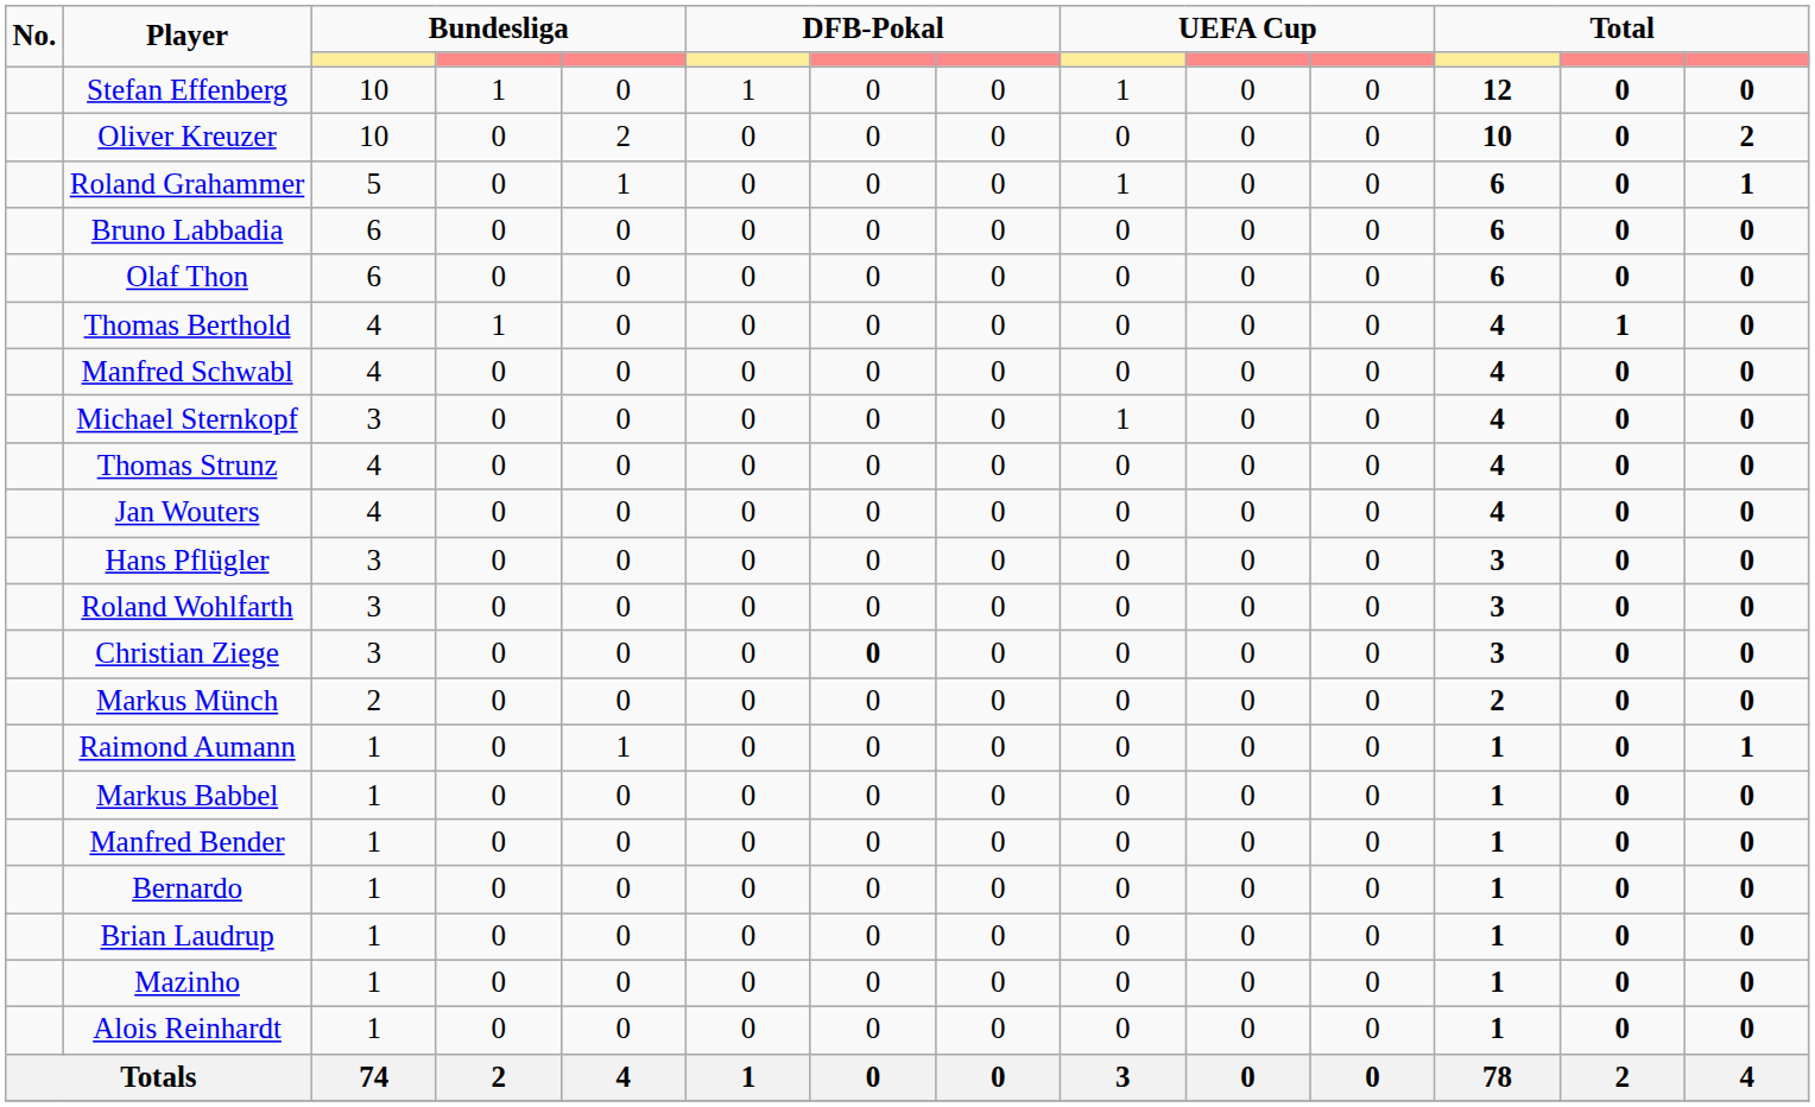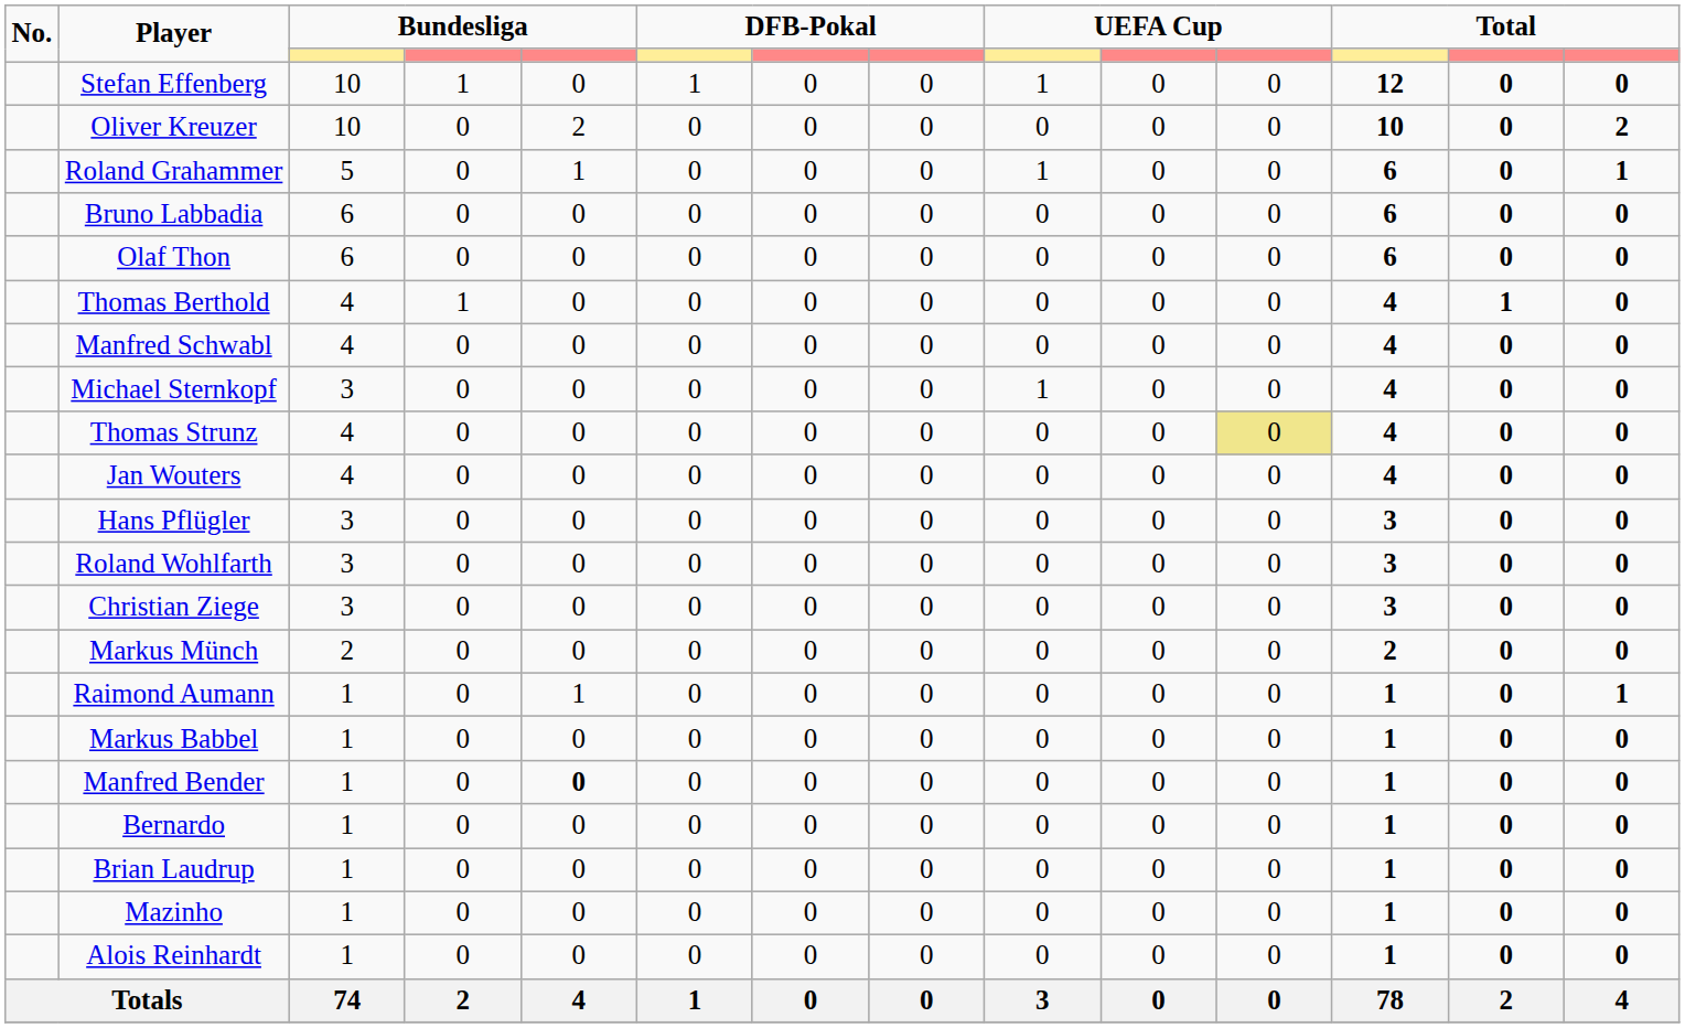 <table class="wikitable" style="text-align:center;">
 <tr style="text-align:center;">
 <td rowspan="2"><strong>No.</strong></td>
 <td rowspan="2"><strong>Player</strong></td>
 <td colspan="3"><strong>Bundesliga</strong></td>
 <td colspan="3"><strong>DFB-Pokal</strong></td>
 <td colspan="3"><strong>UEFA Cup</strong></td>
 <td colspan="3"><strong>Total</strong></td>
 </tr>
 <tr>
 <th style="width:60px; background:#fe9;"></th>
 <th style="width:60px; background:#ff8888;"></th>
 <th style="width:60px; background:#ff8888;"></th>
 <th style="width:60px; background:#fe9;"></th>
 <th style="width:60px; background:#ff8888;"></th>
 <th style="width:60px; background:#ff8888;"></th>
 <th style="width:60px; background:#fe9;"></th>
 <th style="width:60px; background:#ff8888;"></th>
 <th style="width:60px; background:#ff8888;"></th>
 <th style="width:60px; background:#fe9;"></th>
 <th style="width:60px; background:#ff8888;"></th>
 <th style="width:60px; background:#ff8888;"></th>
 </tr>
 <tr>
 <td></td>
 <td><a href='#'>Stefan Effenberg</a></td>
 <td>10</td>
 <td>1</td>
 <td>0</td>
 <td>1</td>
 <td>0</td>
 <td>0</td>
 <td>1</td>
 <td>0</td>
 <td>0</td>
 <td><strong>12</strong></td>
 <td><strong>0</strong></td>
 <td><strong>0</strong></td>
 </tr>
 <tr>
 <td></td>
 <td><a href='#'>Oliver Kreuzer</a></td>
 <td>10</td>
 <td>0</td>
 <td>2</td>
 <td>0</td>
 <td>0</td>
 <td>0</td>
 <td>0</td>
 <td>0</td>
 <td>0</td>
 <td><strong>10</strong></td>
 <td><strong>0</strong></td>
 <td><strong>2</strong></td>
 </tr>
 <tr>
 <td></td>
 <td><a href='#'>Roland Grahammer</a></td>
 <td>5</td>
 <td>0</td>
 <td>1</td>
 <td>0</td>
 <td>0</td>
 <td>0</td>
 <td>1</td>
 <td>0</td>
 <td>0</td>
 <td><strong>6</strong></td>
 <td><strong>0</strong></td>
 <td><strong>1</strong></td>
 </tr>
 <tr>
 <td></td>
 <td><a href='#'>Bruno Labbadia</a></td>
 <td>6</td>
 <td>0</td>
 <td>0</td>
 <td>0</td>
 <td>0</td>
 <td>0</td>
 <td>0</td>
 <td>0</td>
 <td>0</td>
 <td><strong>6</strong></td>
 <td><strong>0</strong></td>
 <td><strong>0</strong></td>
 </tr>
 <tr>
 <td></td>
 <td><a href='#'>Olaf Thon</a></td>
 <td>6</td>
 <td>0</td>
 <td>0</td>
 <td>0</td>
 <td>0</td>
 <td>0</td>
 <td>0</td>
 <td>0</td>
 <td>0</td>
 <td><strong>6</strong></td>
 <td><strong>0</strong></td>
 <td><strong>0</strong></td>
 </tr>
 <tr>
 <td></td>
 <td><a href='#'>Thomas Berthold</a></td>
 <td>4</td>
 <td>1</td>
 <td>0</td>
 <td>0</td>
 <td>0</td>
 <td>0</td>
 <td>0</td>
 <td>0</td>
 <td>0</td>
 <td><strong>4</strong></td>
 <td><strong>1</strong></td>
 <td><strong>0</strong></td>
 </tr>
 <tr>
 <td></td>
 <td><a href='#'>Manfred Schwabl</a></td>
 <td>4</td>
 <td>0</td>
 <td>0</td>
 <td>0</td>
 <td>0</td>
 <td>0</td>
 <td>0</td>
 <td>0</td>
 <td>0</td>
 <td><strong>4</strong></td>
 <td><strong>0</strong></td>
 <td><strong>0</strong></td>
 </tr>
 <tr>
 <td></td>
 <td><a href='#'>Michael Sternkopf</a></td>
 <td>3</td>
 <td>0</td>
 <td>0</td>
 <td>0</td>
 <td>0</td>
 <td>0</td>
 <td>1</td>
 <td>0</td>
 <td>0</td>
 <td><strong>4</strong></td>
 <td><strong>0</strong></td>
 <td><strong>0</strong></td>
 </tr>
 <tr>
 <td></td>
 <td><a href='#'>Thomas Strunz</a></td>
 <td>4</td>
 <td>0</td>
 <td>0</td>
 <td>0</td>
 <td>0</td>
 <td>0</td>
 <td>0</td>
 <td>0</td>
-<td>0</td>
+<td style="background: khaki;">0</td>
 <td><strong>4</strong></td>
 <td><strong>0</strong></td>
 <td><strong>0</strong></td>
 </tr>
 <tr>
 <td></td>
 <td><a href='#'>Jan Wouters</a></td>
 <td>4</td>
 <td>0</td>
 <td>0</td>
 <td>0</td>
 <td>0</td>
 <td>0</td>
 <td>0</td>
 <td>0</td>
 <td>0</td>
 <td><strong>4</strong></td>
 <td><strong>0</strong></td>
 <td><strong>0</strong></td>
 </tr>
 <tr>
 <td></td>
 <td><a href='#'>Hans Pflügler</a></td>
 <td>3</td>
 <td>0</td>
 <td>0</td>
 <td>0</td>
 <td>0</td>
 <td>0</td>
 <td>0</td>
 <td>0</td>
 <td>0</td>
 <td><strong>3</strong></td>
 <td><strong>0</strong></td>
 <td><strong>0</strong></td>
 </tr>
 <tr>
 <td></td>
 <td><a href='#'>Roland Wohlfarth</a></td>
 <td>3</td>
 <td>0</td>
 <td>0</td>
 <td>0</td>
 <td>0</td>
 <td>0</td>
 <td>0</td>
 <td>0</td>
 <td>0</td>
 <td><strong>3</strong></td>
 <td><strong>0</strong></td>
 <td><strong>0</strong></td>
 </tr>
 <tr>
 <td></td>
 <td><a href='#'>Christian Ziege</a></td>
 <td>3</td>
 <td>0</td>
 <td>0</td>
 <td>0</td>
-<td><strong>0</strong></td>
+<td>0</td>
 <td>0</td>
 <td>0</td>
 <td>0</td>
 <td>0</td>
 <td><strong>3</strong></td>
 <td><strong>0</strong></td>
 <td><strong>0</strong></td>
 </tr>
 <tr>
 <td></td>
 <td><a href='#'>Markus Münch</a></td>
 <td>2</td>
 <td>0</td>
 <td>0</td>
 <td>0</td>
 <td>0</td>
 <td>0</td>
 <td>0</td>
 <td>0</td>
 <td>0</td>
 <td><strong>2</strong></td>
 <td><strong>0</strong></td>
 <td><strong>0</strong></td>
 </tr>
 <tr>
 <td></td>
 <td><a href='#'>Raimond Aumann</a></td>
 <td>1</td>
 <td>0</td>
 <td>1</td>
 <td>0</td>
 <td>0</td>
 <td>0</td>
 <td>0</td>
 <td>0</td>
 <td>0</td>
 <td><strong>1</strong></td>
 <td><strong>0</strong></td>
 <td><strong>1</strong></td>
 </tr>
 <tr>
 <td></td>
 <td><a href='#'>Markus Babbel</a></td>
 <td>1</td>
 <td>0</td>
 <td>0</td>
 <td>0</td>
 <td>0</td>
 <td>0</td>
 <td>0</td>
 <td>0</td>
 <td>0</td>
 <td><strong>1</strong></td>
 <td><strong>0</strong></td>
 <td><strong>0</strong></td>
 </tr>
 <tr>
 <td></td>
 <td><a href='#'>Manfred Bender</a></td>
 <td>1</td>
 <td>0</td>
-<td>0</td>
+<td><strong>0</strong></td>
 <td>0</td>
 <td>0</td>
 <td>0</td>
 <td>0</td>
 <td>0</td>
 <td>0</td>
 <td><strong>1</strong></td>
 <td><strong>0</strong></td>
 <td><strong>0</strong></td>
 </tr>
 <tr>
 <td></td>
 <td><a href='#'>Bernardo</a></td>
 <td>1</td>
 <td>0</td>
 <td>0</td>
 <td>0</td>
 <td>0</td>
 <td>0</td>
 <td>0</td>
 <td>0</td>
 <td>0</td>
 <td><strong>1</strong></td>
 <td><strong>0</strong></td>
 <td><strong>0</strong></td>
 </tr>
 <tr>
 <td></td>
 <td><a href='#'>Brian Laudrup</a></td>
 <td>1</td>
 <td>0</td>
 <td>0</td>
 <td>0</td>
 <td>0</td>
 <td>0</td>
 <td>0</td>
 <td>0</td>
 <td>0</td>
 <td><strong>1</strong></td>
 <td><strong>0</strong></td>
 <td><strong>0</strong></td>
 </tr>
 <tr>
 <td></td>
 <td><a href='#'>Mazinho</a></td>
 <td>1</td>
 <td>0</td>
 <td>0</td>
 <td>0</td>
 <td>0</td>
 <td>0</td>
 <td>0</td>
 <td>0</td>
 <td>0</td>
 <td><strong>1</strong></td>
 <td><strong>0</strong></td>
 <td><strong>0</strong></td>
 </tr>
 <tr>
 <td></td>
 <td><a href='#'>Alois Reinhardt</a></td>
 <td>1</td>
 <td>0</td>
 <td>0</td>
 <td>0</td>
 <td>0</td>
 <td>0</td>
 <td>0</td>
 <td>0</td>
 <td>0</td>
 <td><strong>1</strong></td>
 <td><strong>0</strong></td>
 <td><strong>0</strong></td>
 </tr>
 <tr>
 <th colspan="2">Totals</th>
 <th>74</th>
 <th>2</th>
 <th>4</th>
 <th>1</th>
 <th>0</th>
 <th>0</th>
 <th>3</th>
 <th>0</th>
 <th>0</th>
 <th>78</th>
 <th>2</th>
 <th>4</th>
 </tr>
 <tr>
 </tr>
 </table>
